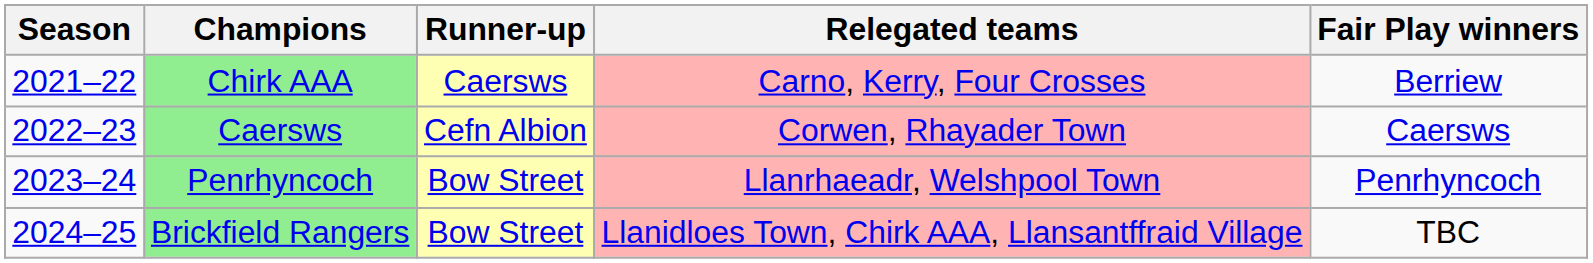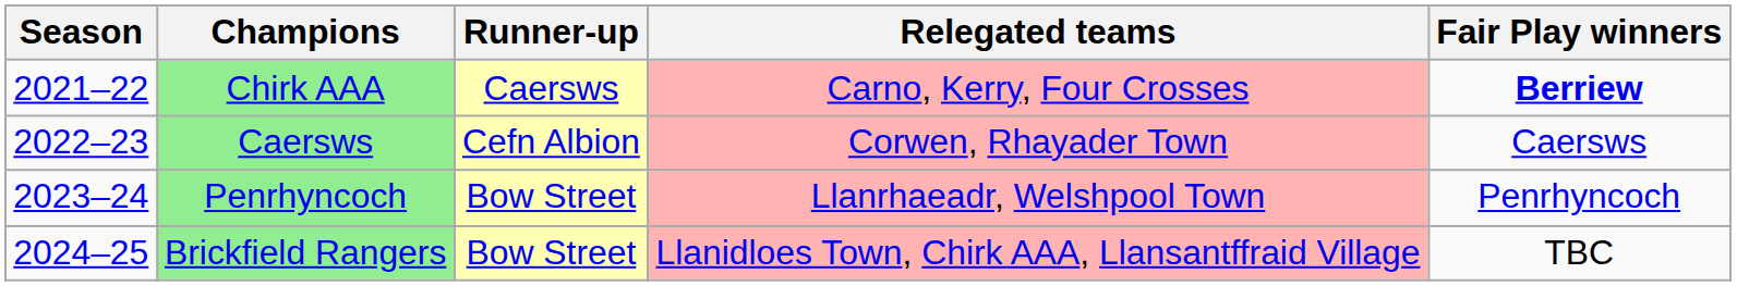 <table class="wikitable sortable" style="text-align:center;">
 <tr>
 <th>Season</th>
 <th>Champions</th>
 <th>Runner-up</th>
 <th colspan=3>Relegated teams</th>
 <th>Fair Play winners</th>
 </tr>
 <tr>
 <td align="centre"><a href='#'>2021–22</a></td>
 <td style="background:#90EE90"><a href='#'>Chirk AAA</a></td>
 <td style="background:#ffffb3"><a href='#'>Caersws</a></td>
 <td style="background:#ffb3b3" colspan=3><a href='#'>Carno</a>, <a href='#'>Kerry</a>, <a href='#'>Four Crosses</a></td>
-<td align="centre"><a href='#'>Berriew</a></td>
+<td align="centre"><strong><a href='#'>Berriew</a></strong></td>
 </tr>
 <tr>
 <td align="centre"><a href='#'>2022–23</a></td>
 <td style="background:#90EE90"><a href='#'>Caersws</a></td>
 <td style="background:#ffffb3"><a href='#'>Cefn Albion</a></td>
 <td style="background:#ffb3b3" colspan=3><a href='#'>Corwen</a>, <a href='#'>Rhayader Town</a></td>
 <td align="centre"><a href='#'>Caersws</a></td>
 </tr>
 <tr>
 <td align="centre"><a href='#'>2023–24</a></td>
 <td style="background:#90EE90"><a href='#'>Penrhyncoch</a></td>
 <td style="background:#ffffb3"><a href='#'>Bow Street</a></td>
 <td style="background:#ffb3b3" colspan=3><a href='#'>Llanrhaeadr</a>, <a href='#'>Welshpool Town</a></td>
 <td align="centre"><a href='#'>Penrhyncoch</a></td>
 </tr>
 <tr>
 <td align="centre"><a href='#'>2024–25</a></td>
 <td style="background:#90EE90"><a href='#'>Brickfield Rangers</a></td>
 <td style="background:#ffffb3"><a href='#'>Bow Street</a></td>
 <td style="background:#ffb3b3" colspan=3><a href='#'>Llanidloes Town</a>, <a href='#'>Chirk AAA</a>, <a href='#'>Llansantffraid Village</a></td>
 <td align="centre">TBC</td>
 </tr>
 </table>
